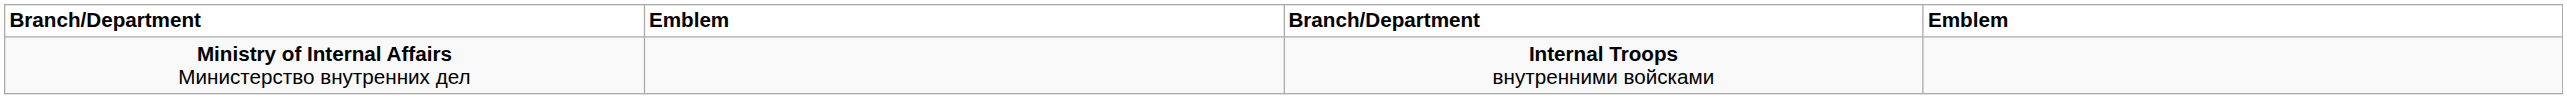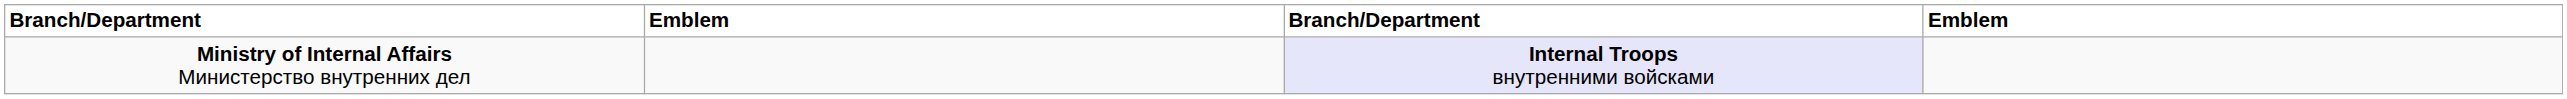 <table class="wikitable" width="100%">
 <tr>
 <td width="25%" bgcolor="#FFFFFF"><strong>Branch/Department</strong></td>
 <td width="25%" bgcolor="#FFFFFF"><strong>Emblem</strong></td>
 <td width="25%" bgcolor="#FFFFFF"><strong>Branch/Department</strong></td>
 <td width="25%" bgcolor="#FFFFFF"><strong>Emblem</strong></td>
 </tr>
 <tr>
 <td style="text-align:center;"><strong>Ministry of Internal Affairs</strong><br>Министерство внутренних дел</td>
 <td></td>
-<td style="text-align:center;"><strong>Internal Troops</strong><br>внутренними войсками</td>
+<td style="background: lavender; text-align:center;"><strong>Internal Troops</strong><br>внутренними войсками</td>
 <td></td>
 </tr>
 </table>
